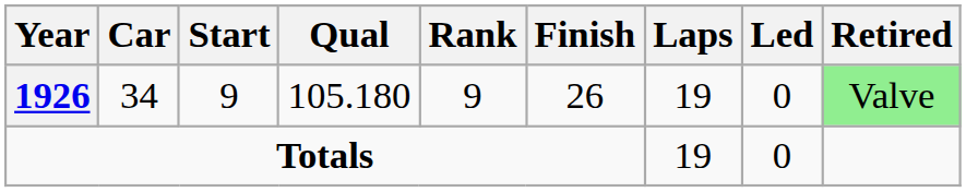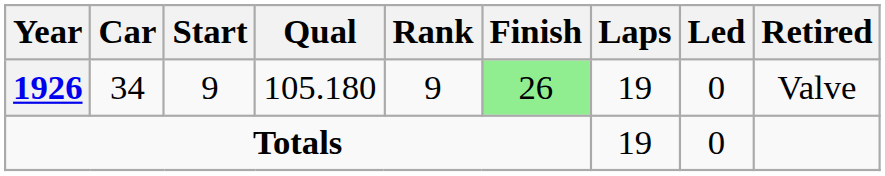 <table class="wikitable" style="text-align:center">
 <tr>
 <th>Year</th>
 <th>Car</th>
 <th>Start</th>
 <th>Qual</th>
 <th>Rank</th>
 <th>Finish</th>
 <th>Laps</th>
 <th>Led</th>
 <th>Retired</th>
 </tr>
 <tr>
 <th><a href='#'>1926</a></th>
 <td>34</td>
 <td>9</td>
 <td>105.180</td>
 <td>9</td>
-<td>26</td>
+<td style="background: lightgreen;">26</td>
 <td>19</td>
 <td>0</td>
-<td style="background: lightgreen;">Valve</td>
+<td>Valve</td>
 </tr>
 <tr>
 <td colspan=6><strong>Totals</strong></td>
 <td>19</td>
 <td>0</td>
 <td></td>
 </tr>
 </table>
